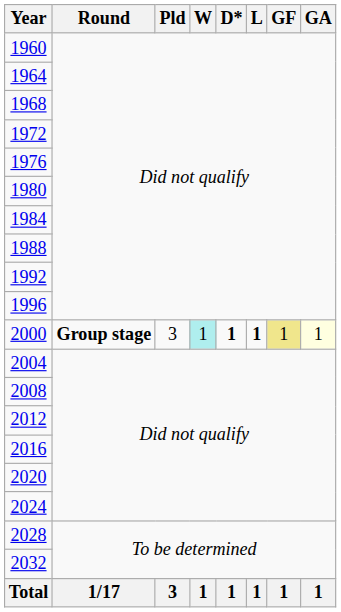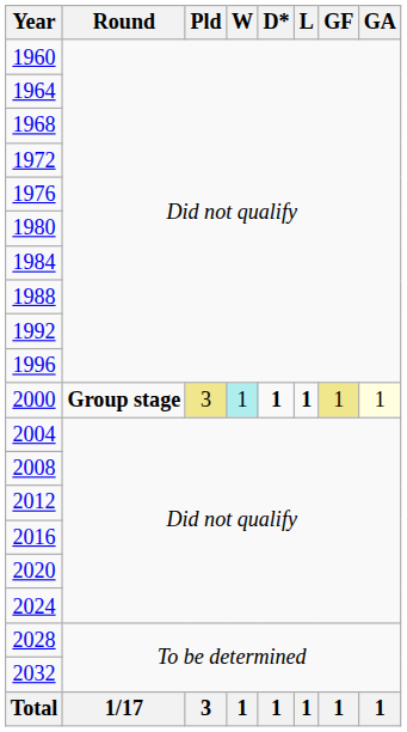 <table class="wikitable" style="text-align:center;">
 <tr>
 <th>Year</th>
 <th>Round</th>
 <th>Pld</th>
 <th>W</th>
 <th>D*</th>
 <th>L</th>
 <th>GF</th>
 <th>GA</th>
 </tr>
 <tr>
 <td> <a href='#'>1960</a></td>
 <td colspan=7 rowspan=10><em>Did not qualify</em></td>
 </tr>
 <tr>
 <td> <a href='#'>1964</a></td>
 </tr>
 <tr>
 <td> <a href='#'>1968</a></td>
 </tr>
 <tr>
 <td> <a href='#'>1972</a></td>
 </tr>
 <tr>
 <td> <a href='#'>1976</a></td>
 </tr>
 <tr>
 <td> <a href='#'>1980</a></td>
 </tr>
 <tr>
 <td> <a href='#'>1984</a></td>
 </tr>
 <tr>
 <td> <a href='#'>1988</a></td>
 </tr>
 <tr>
 <td> <a href='#'>1992</a></td>
 </tr>
 <tr>
 <td> <a href='#'>1996</a></td>
 </tr>
 <tr>
 <td>  <a href='#'>2000</a></td>
 <td><strong>Group stage</strong></td>
-<td>3</td>
+<td style="background: khaki;">3</td>
 <td style="background: paleturquoise;">1</td>
 <td><strong>1</strong></td>
 <td><strong>1</strong></td>
 <td style="background: khaki;">1</td>
 <td style="background: lightyellow;">1</td>
 </tr>
 <tr>
 <td> <a href='#'>2004</a></td>
 <td colspan=7 rowspan=6><em>Did not qualify</em></td>
 </tr>
 <tr>
 <td>  <a href='#'>2008</a></td>
 </tr>
 <tr>
 <td>  <a href='#'>2012</a></td>
 </tr>
 <tr>
 <td> <a href='#'>2016</a></td>
 </tr>
 <tr>
 <td> <a href='#'>2020</a></td>
 </tr>
 <tr>
 <td> <a href='#'>2024</a></td>
 </tr>
 <tr>
 <td>  <a href='#'>2028</a></td>
 <td colspan=7 rowspan=2><em>To be determined</em></td>
 </tr>
 <tr>
 <td>  <a href='#'>2032</a></td>
 </tr>
 <tr>
 <th><strong>Total</strong></th>
 <th><strong>1/17</strong></th>
 <th><strong>3</strong></th>
 <th><strong>1</strong></th>
 <th><strong>1</strong></th>
 <th><strong>1</strong></th>
 <th><strong>1</strong></th>
 <th><strong>1</strong></th>
 </tr>
 </table>
